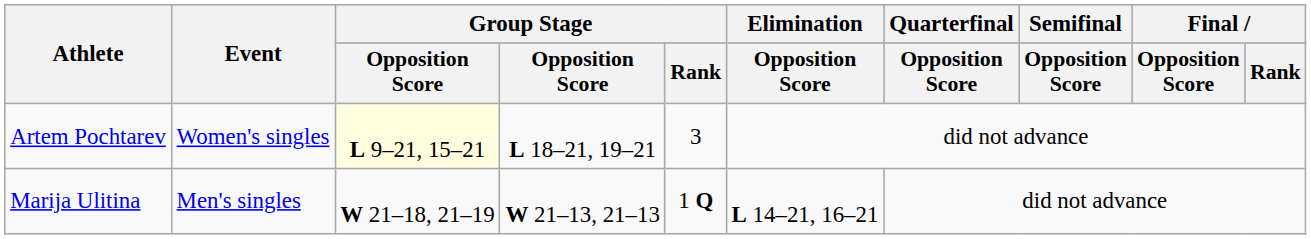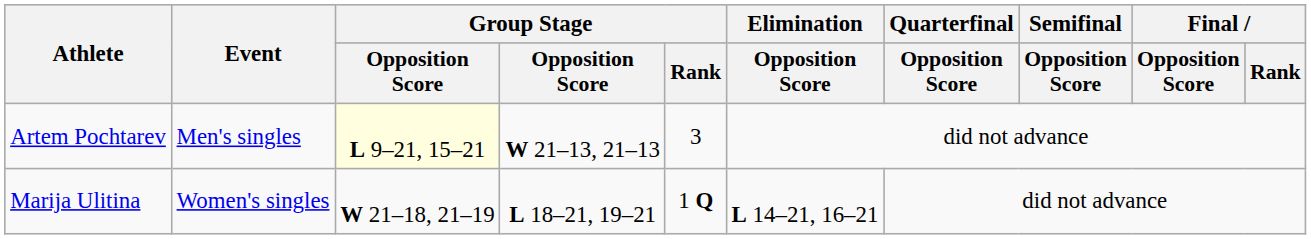 <table class="wikitable" style="font-size:90%">
 <tr>
 <th rowspan=2>Athlete</th>
 <th rowspan=2>Event</th>
 <th colspan=3>Group Stage</th>
 <th>Elimination</th>
 <th>Quarterfinal</th>
 <th>Semifinal</th>
 <th colspan=2>Final / </th>
 </tr>
 <tr style="font-size:95%">
 <th>Opposition<br>Score</th>
 <th>Opposition<br>Score</th>
 <th>Rank</th>
 <th>Opposition<br>Score</th>
 <th>Opposition<br>Score</th>
 <th>Opposition<br>Score</th>
 <th>Opposition<br>Score</th>
 <th>Rank</th>
 </tr>
 <tr align=center>
 <td align=left><a href='#'>Artem Pochtarev</a></td>
-<td align=left><a href='#'>Women's singles</a></td>
+<td align=left><a href='#'>Men's singles</a></td>
 <td style="background: lightyellow;"><br><strong>L</strong> 9–21, 15–21</td>
-<td><br><strong>L</strong> 18–21, 19–21</td>
+<td><br> <strong>W</strong> 21–13, 21–13</td>
 <td>3</td>
 <td colspan=5>did not advance</td>
 </tr>
 <tr align=center>
 <td align=left><a href='#'>Marija Ulitina</a></td>
-<td align=left><a href='#'>Men's singles</a></td>
+<td align=left><a href='#'>Women's singles</a></td>
 <td><br><strong>W</strong> 21–18, 21–19</td>
-<td><br> <strong>W</strong> 21–13, 21–13</td>
+<td><br><strong>L</strong> 18–21, 19–21</td>
 <td>1 <strong>Q</strong></td>
 <td><br><strong>L</strong> 14–21, 16–21</td>
 <td colspan=4>did not advance</td>
 </tr>
 </table>
